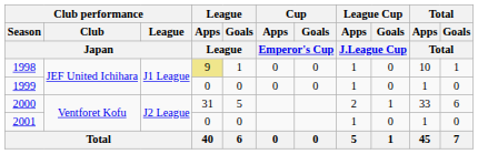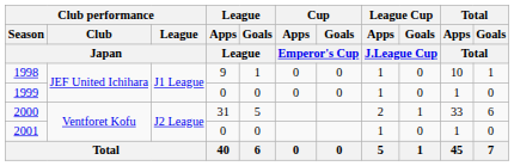 <table class="wikitable" style="text-align:center;">
 <tr>
 <th colspan=3>Club performance</th>
 <th colspan=2>League</th>
 <th colspan=2>Cup</th>
 <th colspan=2>League Cup</th>
 <th colspan=2>Total</th>
 </tr>
 <tr>
 <th>Season</th>
 <th>Club</th>
 <th>League</th>
 <th>Apps</th>
 <th>Goals</th>
 <th>Apps</th>
 <th>Goals</th>
 <th>Apps</th>
 <th>Goals</th>
 <th>Apps</th>
 <th>Goals</th>
 </tr>
 <tr>
 <th colspan=3>Japan</th>
 <th colspan=2>League</th>
 <th colspan=2><a href='#'>Emperor's Cup</a></th>
 <th colspan=2><a href='#'>J.League Cup</a></th>
 <th colspan=2>Total</th>
 </tr>
 <tr>
 <td><a href='#'>1998</a></td>
 <td rowspan="2"><a href='#'>JEF United Ichihara</a></td>
 <td rowspan="2"><a href='#'>J1 League</a></td>
-<td style="background: khaki;">9</td>
+<td>9</td>
 <td>1</td>
 <td>0</td>
 <td>0</td>
 <td>1</td>
 <td>0</td>
 <td>10</td>
 <td>1</td>
 </tr>
 <tr>
 <td><a href='#'>1999</a></td>
 <td>0</td>
 <td>0</td>
 <td>0</td>
 <td>0</td>
 <td>1</td>
 <td>0</td>
 <td>1</td>
 <td>0</td>
 </tr>
 <tr>
 <td><a href='#'>2000</a></td>
 <td rowspan="2"><a href='#'>Ventforet Kofu</a></td>
 <td rowspan="2"><a href='#'>J2 League</a></td>
 <td>31</td>
 <td>5</td>
 <td></td>
 <td></td>
 <td>2</td>
 <td>1</td>
 <td>33</td>
 <td>6</td>
 </tr>
 <tr>
 <td><a href='#'>2001</a></td>
 <td>0</td>
 <td>0</td>
 <td></td>
 <td></td>
 <td>1</td>
 <td>0</td>
 <td>1</td>
 <td>0</td>
 </tr>
 <tr>
 <th colspan=3>Total</th>
 <th>40</th>
 <th>6</th>
 <th>0</th>
 <th>0</th>
 <th>5</th>
 <th>1</th>
 <th>45</th>
 <th>7</th>
 </tr>
 </table>
